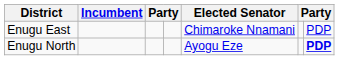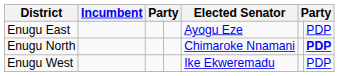 <table class="sortable wikitable" style="font-size:95%;line-height:14px;">
 <tr>
 <th class="unsortable">District</th>
 <th class="unsortable"><a href='#'>Incumbent</a></th>
 <th colspan="2">Party</th>
 <th class="unsortable">Elected Senator</th>
 <th colspan="2">Party</th>
 </tr>
 <tr>
 <td>Enugu East</td>
 <td></td>
 <td></td>
 <td></td>
-<td><a href='#'>Chimaroke Nnamani</a></td>
+<td><a href='#'>Ayogu Eze</a></td>
 <td style="background:"></td>
 <td><a href='#'>PDP</a></td>
 </tr>
 <tr>
 <td>Enugu North</td>
 <td></td>
 <td></td>
 <td></td>
-<td><a href='#'>Ayogu Eze</a></td>
+<td><a href='#'>Chimaroke Nnamani</a></td>
 <td style="background:"></td>
 <td><strong><a href='#'>PDP</a></strong></td>
 </tr>
+<tr>
+<td>Enugu West</td>
+<td></td>
+<td></td>
+<td></td>
+<td><a href='#'>Ike Ekweremadu</a></td>
+<td style="background:"></td>
+<td><a href='#'>PDP</a></td>
+</tr>
 </table>
